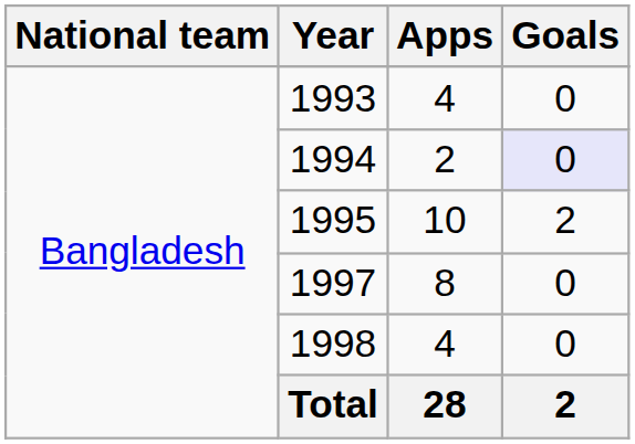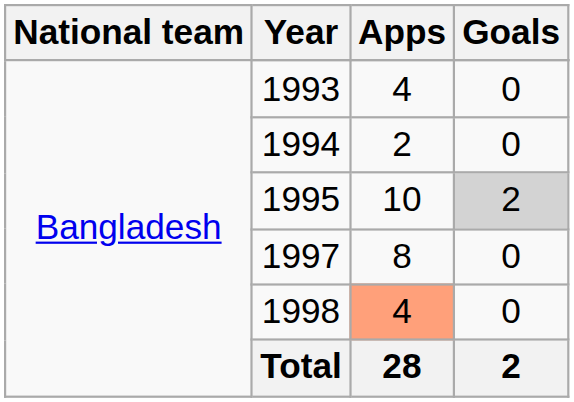 <table class="wikitable" style="text-align: center;">
 <tr>
 <th>National team</th>
 <th>Year</th>
 <th>Apps</th>
 <th>Goals</th>
 </tr>
 <tr>
 <td rowspan="7"><a href='#'>Bangladesh</a></td>
 </tr>
 <tr>
 <td>1993</td>
 <td>4</td>
 <td>0</td>
 </tr>
 <tr>
 <td>1994</td>
 <td>2</td>
-<td style="background: lavender;">0</td>
+<td>0</td>
 </tr>
 <tr>
 <td>1995</td>
 <td>10</td>
-<td>2</td>
+<td style="background: lightgrey;">2</td>
 </tr>
 <tr>
 <td>1997</td>
 <td>8</td>
 <td>0</td>
 </tr>
 <tr>
 <td>1998</td>
-<td>4</td>
+<td style="background: lightsalmon;">4</td>
 <td>0</td>
 </tr>
 <tr>
 <th>Total</th>
 <th>28</th>
 <th>2</th>
 </tr>
 </table>
